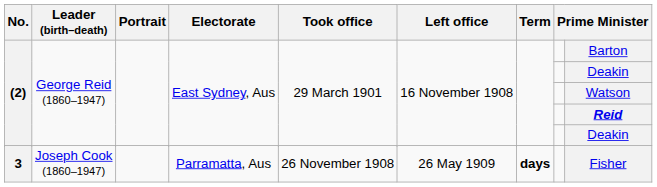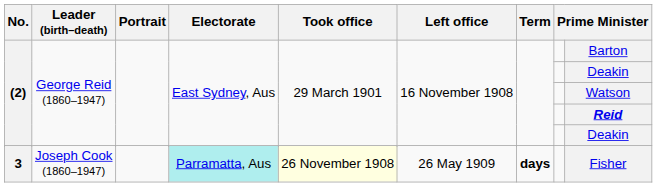 <table class="wikitable" style="text-align:center">
 <tr>
 <th>No.</th>
 <th>Leader<br><small>(birth–death)</small></th>
 <th>Portrait</th>
 <th>Electorate</th>
 <th>Took office</th>
 <th>Left office</th>
 <th>Term</th>
 <th colspan="2">Prime Minister </th>
 </tr>
 <tr>
 <th rowspan="6">(2)</th>
 <td rowspan="6"><a href='#'>George Reid</a><br><small>(1860–1947)</small></td>
 <td rowspan="6"></td>
 <td rowspan="6"><a href='#'>East Sydney</a>, Aus</td>
 <td rowspan="6">29 March 1901</td>
 <td rowspan="6">16 November 1908</td>
 <td rowspan="6"></td>
 <td height=5 style="background-color: "></td>
 <th style="font-weight:normal"><a href='#'>Barton</a> <small></small></th>
 </tr>
 <tr>
 <td style="background-color: "></td>
 <th style="font-weight:normal"><a href='#'>Deakin</a> <small></small></th>
 </tr>
 <tr>
 <td height=5 style="background-color: "></td>
 <th style="font-weight:normal"><a href='#'>Watson</a> <small></small></th>
 </tr>
 <tr>
 <td style="background-color: "></td>
 <th style="font-weight:normal"><strong><em><a href='#'>Reid</a></em></strong> <small></small></th>
 </tr>
 <tr>
 <td style="background-color: "></td>
 <th style="font-weight:normal"><a href='#'>Deakin</a> <small></small></th>
 </tr>
 <tr>
 <td rowspan="2" height=5 style="background-color: "></td>
 <th style="font-weight:normal" rowspan="2"><a href='#'>Fisher</a> <small></small></th>
 </tr>
 <tr>
 <th>3</th>
 <td><a href='#'>Joseph Cook</a><br><small>(1860–1947)</small></td>
 <td></td>
-<td><a href='#'>Parramatta</a>, Aus</td>
-<td>26 November 1908</td>
+<td style="background: paleturquoise;"><a href='#'>Parramatta</a>, Aus</td>
+<td style="background: lightyellow;">26 November 1908</td>
 <td>26 May 1909</td>
 <td><strong> days</strong></td>
 </tr>
 </table>
